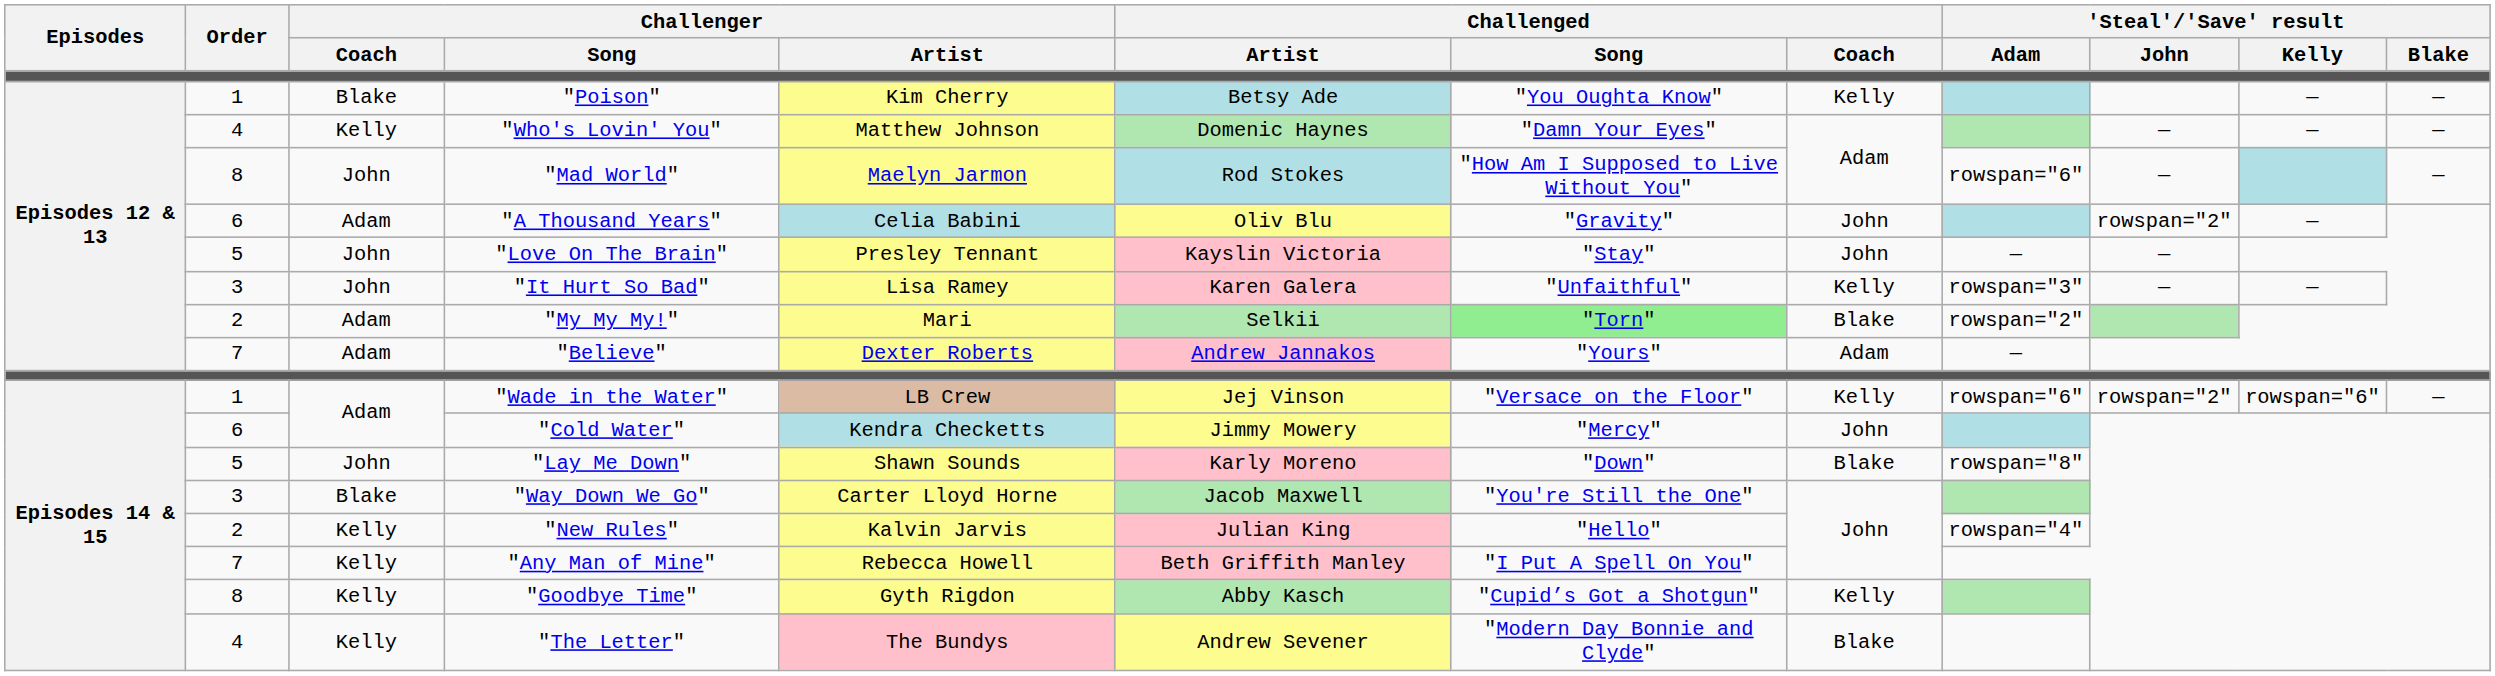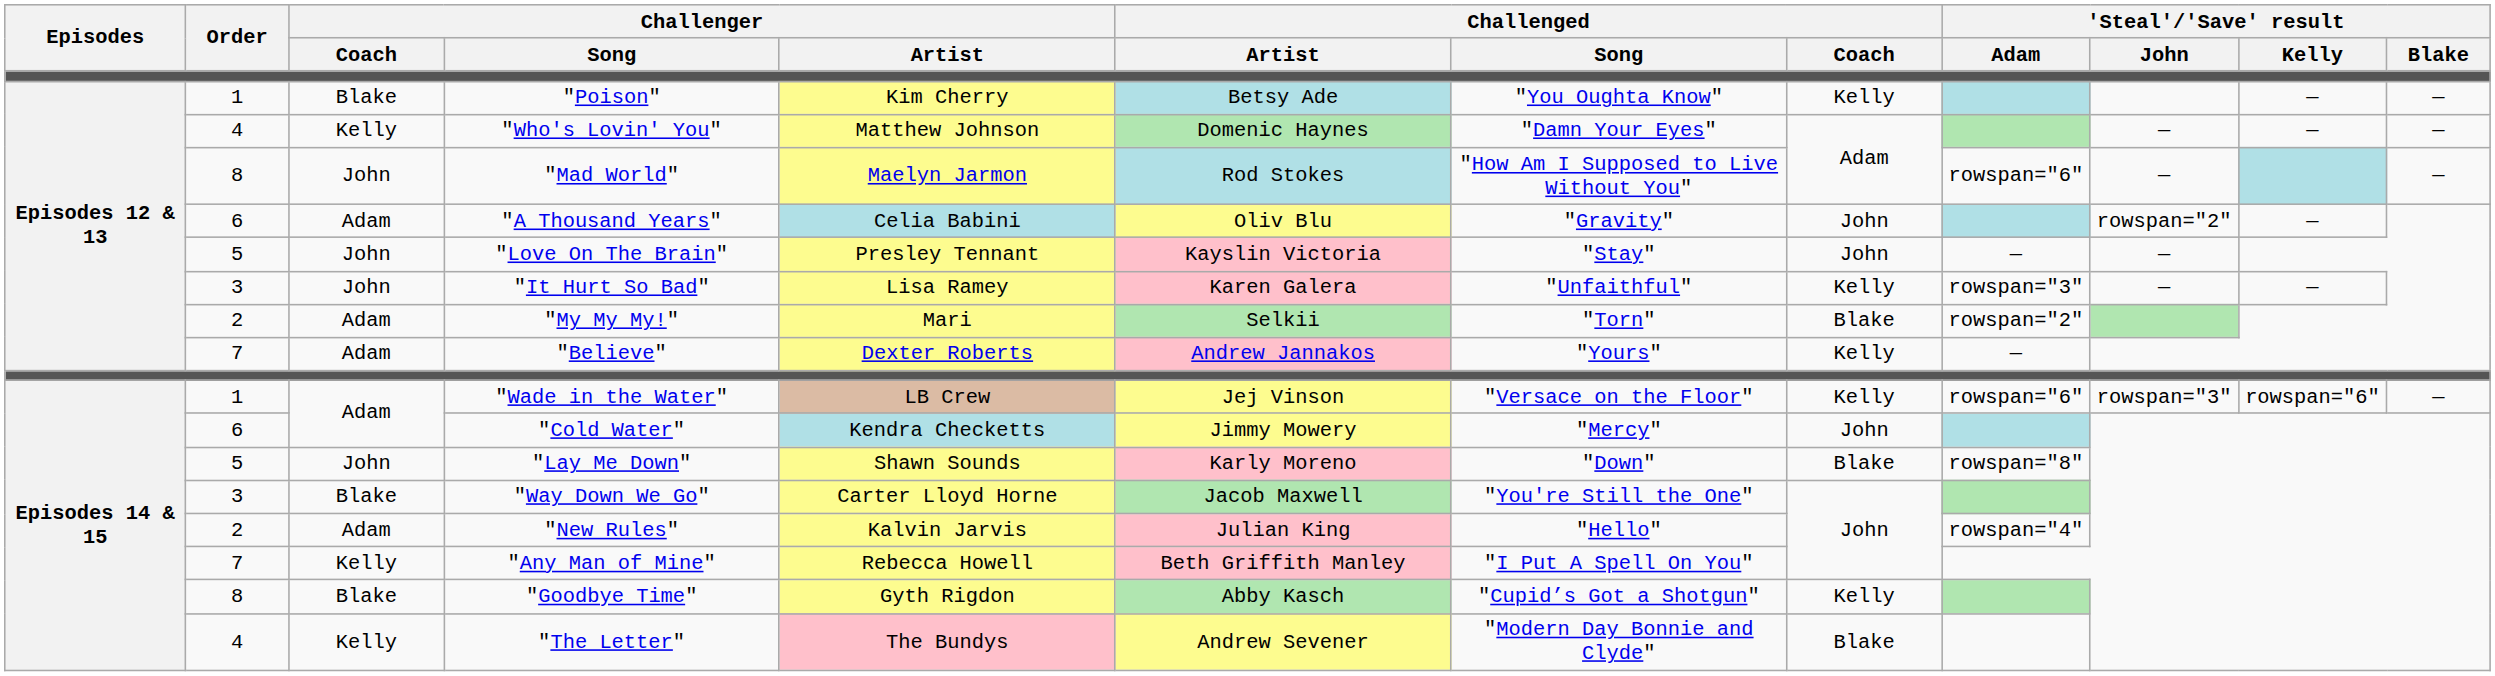 <table class="wikitable" style="text-align: center; width:100%">
 <tr>
 <th rowspan="2" style="width:07%">Episodes</th>
 <th rowspan="2" style="width:04%">Order</th>
 <th colspan="3" style="width:42%">Challenger</th>
 <th colspan="3" style="width:42%">Challenged</th>
 <th colspan="4" style="width:16%">'Steal'/'Save' result</th>
 </tr>
 <tr>
 <th style="width:06%">Coach</th>
 <th style="width:13%">Song</th>
 <th style="width:13%">Artist</th>
 <th style="width:13%">Artist</th>
 <th style="width:13%">Song</th>
 <th style="width:06%">Coach</th>
 <th style="width:04%">Adam</th>
 <th style="width:04%">John</th>
 <th style="width:04%">Kelly</th>
 <th style="width:04%">Blake</th>
 </tr>
 <tr>
 <td colspan="12" style="background:#555"></td>
 </tr>
 <tr>
 <th rowspan="8">Episodes 12 & 13<br><small></small></th>
 <td>1</td>
 <td>Blake</td>
 <td>"<a href='#'>Poison</a>"</td>
 <td style="background:#fdfc8f">Kim Cherry</td>
 <td style="background:#b0e0e6">Betsy Ade</td>
 <td>"<a href='#'>You Oughta Know</a>"</td>
 <td>Kelly</td>
 <td bgcolor="#b0e0e6"><em></em></td>
 <td><em></em></td>
 <td>—</td>
 <td>—</td>
 </tr>
 <tr>
 <td>4</td>
 <td>Kelly</td>
 <td>"<a href='#'>Who's Lovin' You</a>"</td>
 <td style="background:#fdfc8f">Matthew Johnson</td>
 <td style="background:#b0e6b0">Domenic Haynes</td>
 <td>"<a href='#'>Damn Your Eyes</a>"</td>
 <td rowspan="2">Adam</td>
 <td style="background:#b0e6b0"><em></em></td>
 <td>—</td>
 <td>—</td>
 <td>—</td>
 </tr>
 <tr>
 <td>8</td>
 <td>John</td>
 <td>"<a href='#'>Mad World</a>"</td>
 <td style="background:#fdfc8f"><a href='#'>Maelyn Jarmon</a></td>
 <td style="background:#b0e0e6">Rod Stokes</td>
 <td>"<a href='#'>How Am I Supposed to Live Without You</a>"</td>
 <td>rowspan="6" </td>
 <td>—</td>
 <td bgcolor="#b0e0e6"><em></em></td>
 <td>—</td>
 </tr>
 <tr>
 <td>6</td>
 <td>Adam</td>
 <td>"<a href='#'>A Thousand Years</a>"</td>
 <td style="background:#b0e0e6">Celia Babini</td>
 <td style="background:#fdfc8f">Oliv Blu</td>
 <td>"<a href='#'>Gravity</a>"</td>
 <td>John</td>
 <td bgcolor="#b0e0e6"><em></em></td>
 <td>rowspan="2" </td>
 <td>—</td>
 </tr>
 <tr>
 <td>5</td>
 <td>John</td>
 <td>"<a href='#'>Love On The Brain</a>"</td>
 <td style="background:#fdfc8f">Presley Tennant</td>
 <td style="background:pink">Kayslin Victoria</td>
 <td>"<a href='#'>Stay</a>"</td>
 <td>John</td>
 <td>—</td>
 <td>—</td>
 </tr>
 <tr>
 <td>3</td>
 <td>John</td>
 <td>"<a href='#'>It Hurt So Bad</a>"</td>
 <td style="background:#fdfc8f">Lisa Ramey</td>
 <td style="background:pink">Karen Galera</td>
 <td>"<a href='#'>Unfaithful</a>"</td>
 <td>Kelly</td>
 <td>rowspan="3" </td>
 <td>—</td>
 <td>—</td>
 </tr>
 <tr>
 <td>2</td>
 <td>Adam</td>
 <td>"<a href='#'>My My My!</a>"</td>
 <td style="background:#fdfc8f">Mari</td>
 <td style="background:#b0e6b0">Selkii</td>
-<td style="background: lightgreen;">"<a href='#'>Torn</a>"</td>
+<td>"<a href='#'>Torn</a>"</td>
 <td>Blake</td>
 <td>rowspan="2" </td>
 <td style="background:#b0e6b0"><em></em></td>
 </tr>
 <tr>
 <td>7</td>
 <td>Adam</td>
 <td>"<a href='#'>Believe</a>"</td>
 <td style="background:#fdfc8f"><a href='#'>Dexter Roberts</a></td>
 <td style="background:pink"><a href='#'>Andrew Jannakos</a></td>
 <td>"<a href='#'>Yours</a>"</td>
-<td>Adam</td>
+<td>Kelly</td>
 <td>—</td>
 </tr>
 <tr>
 <td colspan="12" style="background:#555"></td>
 </tr>
 <tr>
 <th rowspan="8">Episodes 14 & 15<br><small></small></th>
 <td>1</td>
 <td rowspan="2">Adam</td>
 <td>"<a href='#'>Wade in the Water</a>"</td>
 <td style="background:#dbbba4">LB Crew</td>
 <td style="background:#fdfc8f">Jej Vinson</td>
 <td>"<a href='#'>Versace on the Floor</a>"</td>
 <td>Kelly</td>
 <td>rowspan="6" </td>
-<td>rowspan="2" </td>
+<td>rowspan="3" </td>
 <td>rowspan="6" </td>
 <td>—</td>
 </tr>
 <tr>
 <td>6</td>
 <td>"<a href='#'>Cold Water</a>"</td>
 <td style="background:#b0e0e6">Kendra Checketts</td>
 <td style="background:#fdfc8f">Jimmy Mowery</td>
 <td>"<a href='#'>Mercy</a>"</td>
 <td>John</td>
 <td style="background:#b0e0e6"><em></em></td>
 </tr>
 <tr>
 <td>5</td>
 <td>John</td>
 <td>"<a href='#'>Lay Me Down</a>"</td>
 <td style="background:#fdfc8f">Shawn Sounds</td>
 <td style="background:pink">Karly Moreno</td>
 <td>"<a href='#'>Down</a>"</td>
 <td>Blake</td>
 <td>rowspan="8" </td>
 </tr>
 <tr>
 <td>3</td>
 <td>Blake</td>
 <td>"<a href='#'>Way Down We Go</a>"</td>
 <td style="background:#fdfc8f">Carter Lloyd Horne</td>
 <td style="background:#b0e6b0">Jacob Maxwell</td>
 <td>"<a href='#'>You're Still the One</a>"</td>
 <td rowspan="3">John</td>
 <td style="background:#b0e6b0"><em></em></td>
 </tr>
 <tr>
 <td>2</td>
-<td>Kelly</td>
+<td>Adam</td>
 <td>"<a href='#'>New Rules</a>"</td>
 <td style="background:#fdfc8f">Kalvin Jarvis</td>
 <td style="background:pink">Julian King</td>
 <td>"<a href='#'>Hello</a>"</td>
 <td>rowspan="4" </td>
 </tr>
 <tr>
 <td>7</td>
 <td>Kelly</td>
 <td>"<a href='#'>Any Man of Mine</a>"</td>
 <td style="background:#fdfc8f">Rebecca Howell</td>
 <td style="background:pink">Beth Griffith Manley</td>
 <td>"<a href='#'>I Put A Spell On You</a>"</td>
 </tr>
 <tr>
 <td>8</td>
-<td>Kelly</td>
+<td>Blake</td>
 <td>"<a href='#'>Goodbye Time</a>"</td>
 <td style="background:#fdfc8f">Gyth Rigdon</td>
 <td style="background:#b0e6b0">Abby Kasch</td>
 <td>"<a href='#'>Cupid’s Got a Shotgun</a>"</td>
 <td>Kelly</td>
 <td style="background:#b0e6b0"><em></em></td>
 </tr>
 <tr>
 <td>4</td>
 <td>Kelly</td>
 <td>"<a href='#'>The Letter</a>"</td>
 <td style="background:pink">The Bundys</td>
 <td style="background:#fdfc8f">Andrew Sevener</td>
 <td>"<a href='#'>Modern Day Bonnie and Clyde</a>"</td>
 <td>Blake</td>
 <td></td>
 </tr>
 </table>
